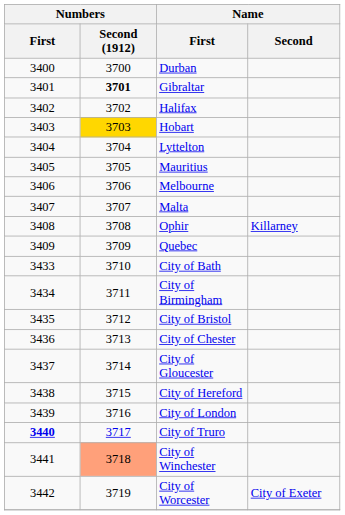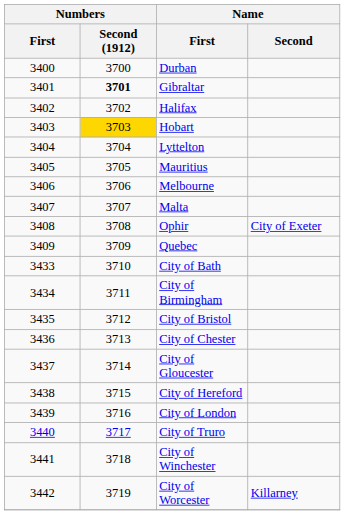 <table class=wikitable>
 <tr>
 <th colspan=2 align=center>Numbers</th>
 <th colspan=2 align=center>Name</th>
 </tr>
 <tr>
 <th width="90" align=center>First</th>
 <th width="90" align=center>Second (1912)</th>
 <th width="110" align=center>First</th>
 <th width="110" align=center>Second</th>
 </tr>
 <tr>
 <td align=center>3400</td>
 <td align=center>3700</td>
 <td><a href='#'>Durban</a></td>
 <td></td>
 </tr>
 <tr>
 <td align=center>3401</td>
 <td align=center><strong>3701</strong></td>
 <td><a href='#'>Gibraltar</a></td>
 <td></td>
 </tr>
 <tr>
 <td align=center>3402</td>
 <td align=center>3702</td>
 <td><a href='#'>Halifax</a></td>
 <td></td>
 </tr>
 <tr>
 <td align=center>3403</td>
 <td align=center style="background: gold;">3703</td>
 <td><a href='#'>Hobart</a></td>
 <td></td>
 </tr>
 <tr>
 <td align=center>3404</td>
 <td align=center>3704</td>
 <td><a href='#'>Lyttelton</a></td>
 <td></td>
 </tr>
 <tr>
 <td align=center>3405</td>
 <td align=center>3705</td>
 <td><a href='#'>Mauritius</a></td>
 <td></td>
 </tr>
 <tr>
 <td align=center>3406</td>
 <td align=center>3706</td>
 <td><a href='#'>Melbourne</a></td>
 <td></td>
 </tr>
 <tr>
 <td align=center>3407</td>
 <td align=center>3707</td>
 <td><a href='#'>Malta</a></td>
 <td></td>
 </tr>
 <tr>
 <td align=center>3408</td>
 <td align=center>3708</td>
 <td><a href='#'>Ophir</a></td>
-<td><a href='#'>Killarney</a></td>
+<td><a href='#'>City of Exeter</a></td>
 </tr>
 <tr>
 <td align=center>3409</td>
 <td align=center>3709</td>
 <td><a href='#'>Quebec</a></td>
 <td></td>
 </tr>
 <tr>
 <td align=center>3433</td>
 <td align=center>3710</td>
 <td><a href='#'>City of Bath</a></td>
 <td></td>
 </tr>
 <tr>
 <td align=center>3434</td>
 <td align=center>3711</td>
 <td><a href='#'>City of Birmingham</a></td>
 <td></td>
 </tr>
 <tr>
 <td align=center>3435</td>
 <td align=center>3712</td>
 <td><a href='#'>City of Bristol</a></td>
 <td></td>
 </tr>
 <tr>
 <td align=center>3436</td>
 <td align=center>3713</td>
 <td><a href='#'>City of Chester</a></td>
 <td></td>
 </tr>
 <tr>
 <td align=center>3437</td>
 <td align=center>3714</td>
 <td><a href='#'>City of Gloucester</a></td>
 <td></td>
 </tr>
 <tr>
 <td align=center>3438</td>
 <td align=center>3715</td>
 <td><a href='#'>City of Hereford</a></td>
 <td></td>
 </tr>
 <tr>
 <td align=center>3439</td>
 <td align=center>3716</td>
 <td><a href='#'>City of London</a></td>
 <td></td>
 </tr>
 <tr>
-<td align=center><strong><a href='#'>3440</a></strong></td>
+<td align=center><a href='#'>3440</a></td>
 <td align=center><a href='#'>3717</a></td>
 <td><a href='#'>City of Truro</a></td>
 <td></td>
 </tr>
 <tr>
 <td align=center>3441</td>
-<td align=center style="background: lightsalmon;">3718</td>
+<td align=center>3718</td>
 <td><a href='#'>City of Winchester</a></td>
 <td></td>
 </tr>
 <tr>
 <td align=center>3442</td>
 <td align=center>3719</td>
 <td><a href='#'>City of Worcester</a></td>
-<td><a href='#'>City of Exeter</a></td>
+<td><a href='#'>Killarney</a></td>
 </tr>
 <tr>
 </tr>
 </table>
